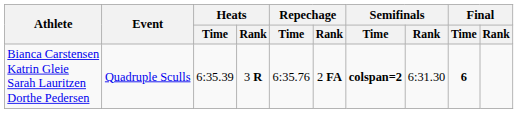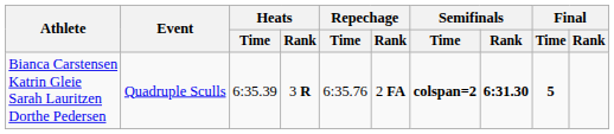 <table class="wikitable" style="font-size:90%">
 <tr>
 <th rowspan="2">Athlete</th>
 <th rowspan="2">Event</th>
 <th colspan="2">Heats</th>
 <th colspan="2">Repechage</th>
 <th colspan="2">Semifinals</th>
 <th colspan="2">Final</th>
 </tr>
 <tr style="font-size:95%">
 <th>Time</th>
 <th>Rank</th>
 <th>Time</th>
 <th>Rank</th>
 <th>Time</th>
 <th>Rank</th>
 <th>Time</th>
 <th>Rank</th>
 </tr>
 <tr align=center>
 <td align=left><a href='#'>Bianca Carstensen</a><br><a href='#'>Katrin Gleie</a><br><a href='#'>Sarah Lauritzen</a><br><a href='#'>Dorthe Pedersen</a></td>
 <td align=left><a href='#'>Quadruple Sculls</a></td>
 <td>6:35.39</td>
 <td>3 <strong>R</strong></td>
 <td>6:35.76</td>
 <td>2 <strong>FA</strong></td>
 <td><strong>colspan=2 </strong></td>
-<td>6:31.30</td>
-<td><strong>6</strong></td>
+<td><strong>6:31.30</strong></td>
+<td><strong>5</strong></td>
 </tr>
 </table>
